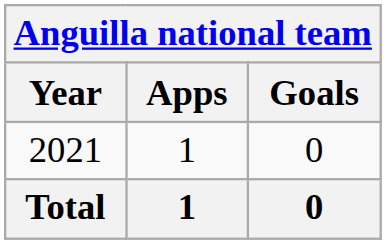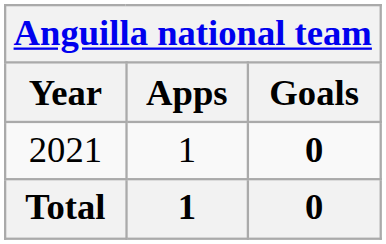 <table class="wikitable" style="text-align:center">
 <tr>
 <th colspan=3><a href='#'>Anguilla national team</a></th>
 </tr>
 <tr>
 <th>Year</th>
 <th>Apps</th>
 <th>Goals</th>
 </tr>
 <tr>
 <td>2021</td>
 <td>1</td>
-<td>0</td>
+<td><strong>0</strong></td>
 </tr>
 <tr>
 <th>Total</th>
 <th>1</th>
 <th>0</th>
 </tr>
 </table>
